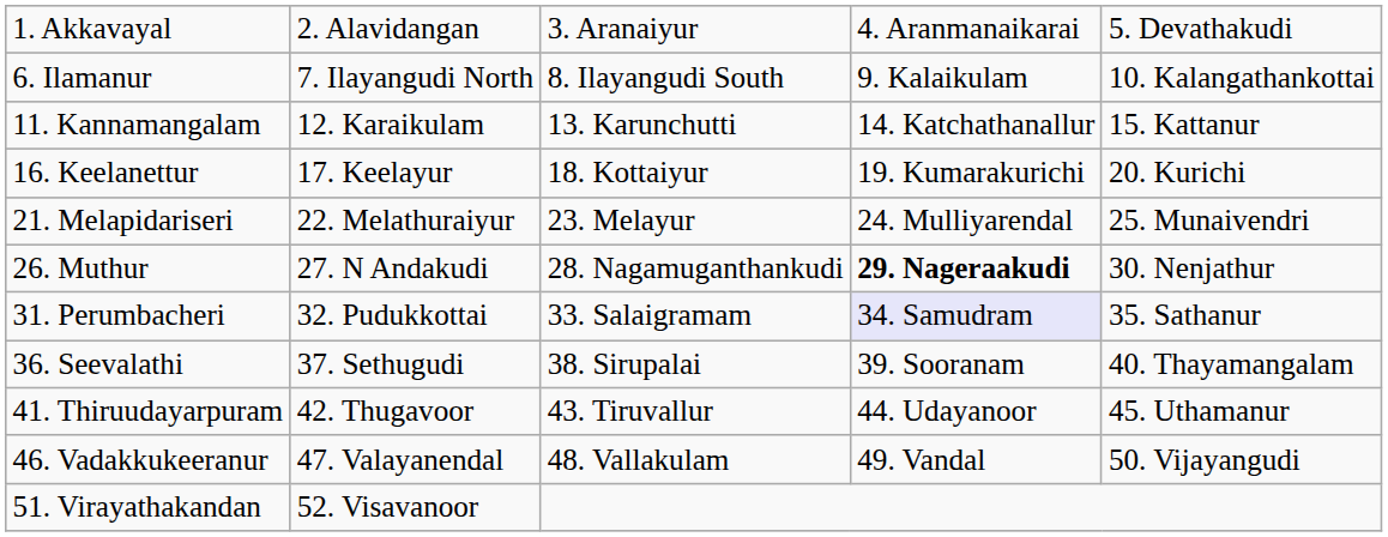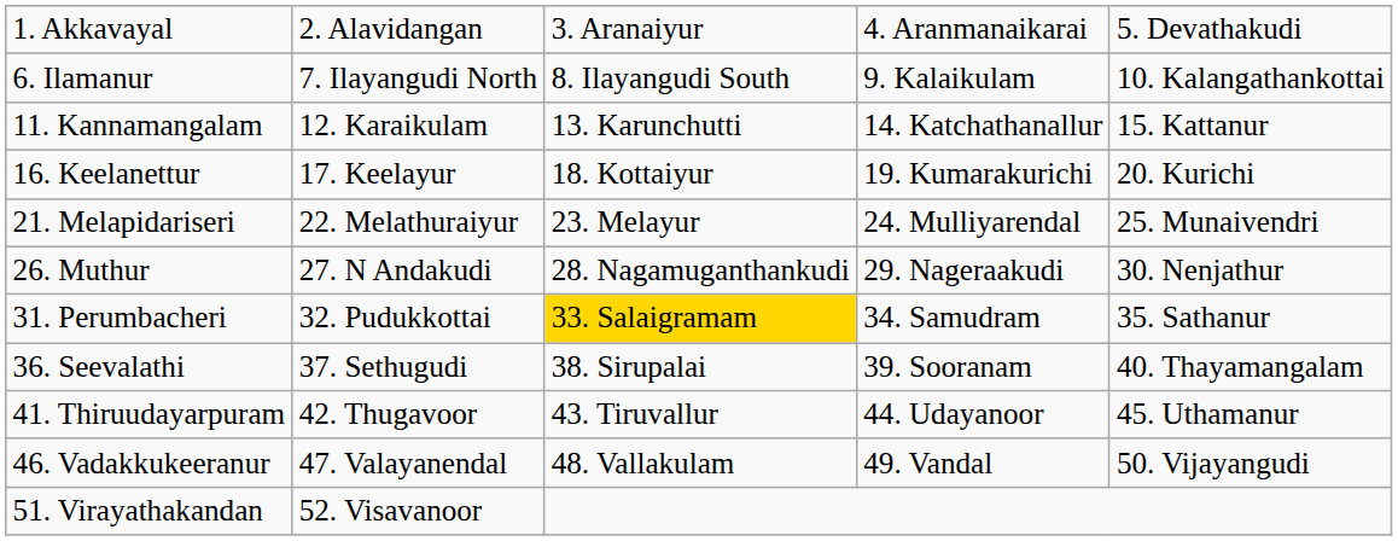 <table class="wikitable">
 <tr>
 <td>1. Akkavayal</td>
 <td>2. Alavidangan</td>
 <td>3. Aranaiyur</td>
 <td>4. Aranmanaikarai</td>
 <td>5. Devathakudi</td>
 </tr>
 <tr>
 <td>6. Ilamanur</td>
 <td>7. Ilayangudi North</td>
 <td>8. Ilayangudi South</td>
 <td>9. Kalaikulam</td>
 <td>10. Kalangathankottai</td>
 </tr>
 <tr>
 <td>11. Kannamangalam</td>
 <td>12. Karaikulam</td>
 <td>13. Karunchutti</td>
 <td>14. Katchathanallur</td>
 <td>15. Kattanur</td>
 </tr>
 <tr>
 <td>16. Keelanettur</td>
 <td>17. Keelayur</td>
 <td>18. Kottaiyur</td>
 <td>19. Kumarakurichi</td>
 <td>20. Kurichi</td>
 </tr>
 <tr>
 <td>21. Melapidariseri</td>
 <td>22. Melathuraiyur</td>
 <td>23. Melayur</td>
 <td>24. Mulliyarendal</td>
 <td>25. Munaivendri</td>
 </tr>
 <tr>
 <td>26. Muthur</td>
 <td>27. N Andakudi</td>
 <td>28. Nagamuganthankudi</td>
-<td><strong>29. Nageraakudi</strong></td>
+<td>29. Nageraakudi</td>
 <td>30. Nenjathur</td>
 </tr>
 <tr>
 <td>31. Perumbacheri</td>
 <td>32. Pudukkottai</td>
-<td>33. Salaigramam</td>
-<td style="background: lavender;">34. Samudram</td>
+<td style="background: gold;">33. Salaigramam</td>
+<td>34. Samudram</td>
 <td>35. Sathanur</td>
 </tr>
 <tr>
 <td>36. Seevalathi</td>
 <td>37. Sethugudi</td>
 <td>38. Sirupalai</td>
 <td>39. Sooranam</td>
 <td>40. Thayamangalam</td>
 </tr>
 <tr>
 <td>41. Thiruudayarpuram</td>
 <td>42. Thugavoor</td>
 <td>43. Tiruvallur</td>
 <td>44. Udayanoor</td>
 <td>45. Uthamanur</td>
 </tr>
 <tr>
 <td>46. Vadakkukeeranur</td>
 <td>47. Valayanendal</td>
 <td>48. Vallakulam</td>
 <td>49. Vandal</td>
 <td>50. Vijayangudi</td>
 </tr>
 <tr>
 <td>51. Virayathakandan</td>
 <td>52. Visavanoor</td>
 </tr>
 </table>
